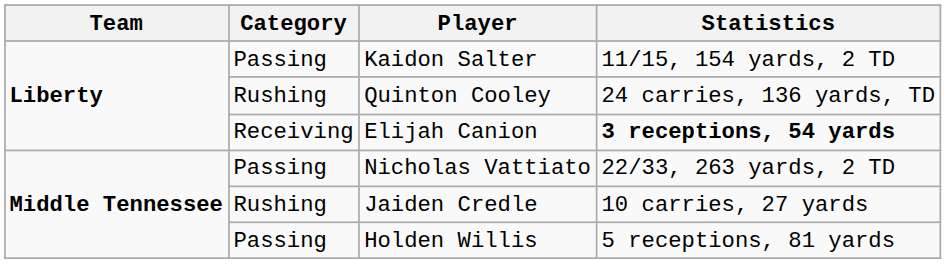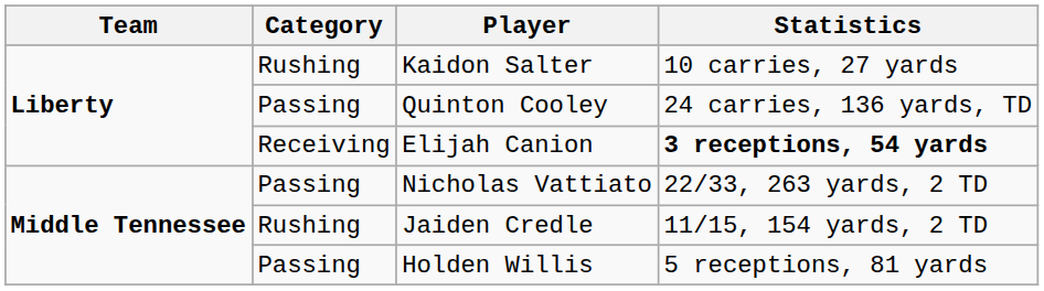 <table class="wikitable" style="float: right;">
 <tr>
 <th>Team</th>
 <th>Category</th>
 <th>Player</th>
 <th>Statistics</th>
 </tr>
 <tr>
 <td rowspan=3><strong>Liberty</strong></td>
-<td>Passing</td>
+<td>Rushing</td>
 <td>Kaidon Salter</td>
-<td>11/15, 154 yards, 2 TD</td>
+<td>10 carries, 27 yards</td>
 </tr>
 <tr>
-<td>Rushing</td>
+<td>Passing</td>
 <td>Quinton Cooley</td>
 <td>24 carries, 136 yards, TD</td>
 </tr>
 <tr>
 <td>Receiving</td>
 <td>Elijah Canion</td>
 <td><strong>3 receptions, 54 yards</strong></td>
 </tr>
 <tr>
 <td rowspan=3><strong>Middle Tennessee</strong></td>
 <td>Passing</td>
 <td>Nicholas Vattiato</td>
 <td>22/33, 263 yards, 2 TD</td>
 </tr>
 <tr>
 <td>Rushing</td>
 <td>Jaiden Credle</td>
-<td>10 carries, 27 yards</td>
+<td>11/15, 154 yards, 2 TD</td>
 </tr>
 <tr>
 <td>Passing</td>
 <td>Holden Willis</td>
 <td>5 receptions, 81 yards</td>
 </tr>
 </table>
